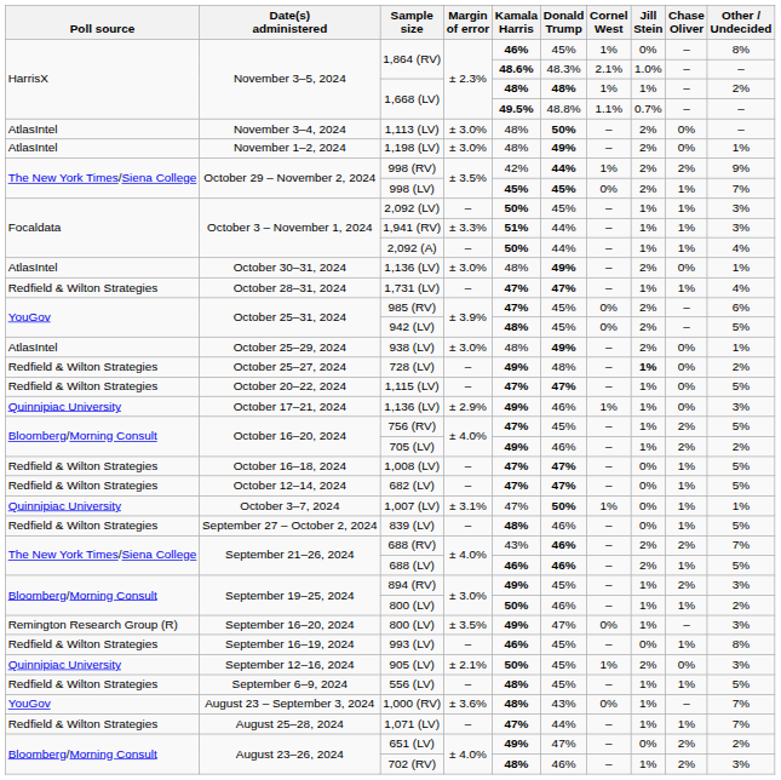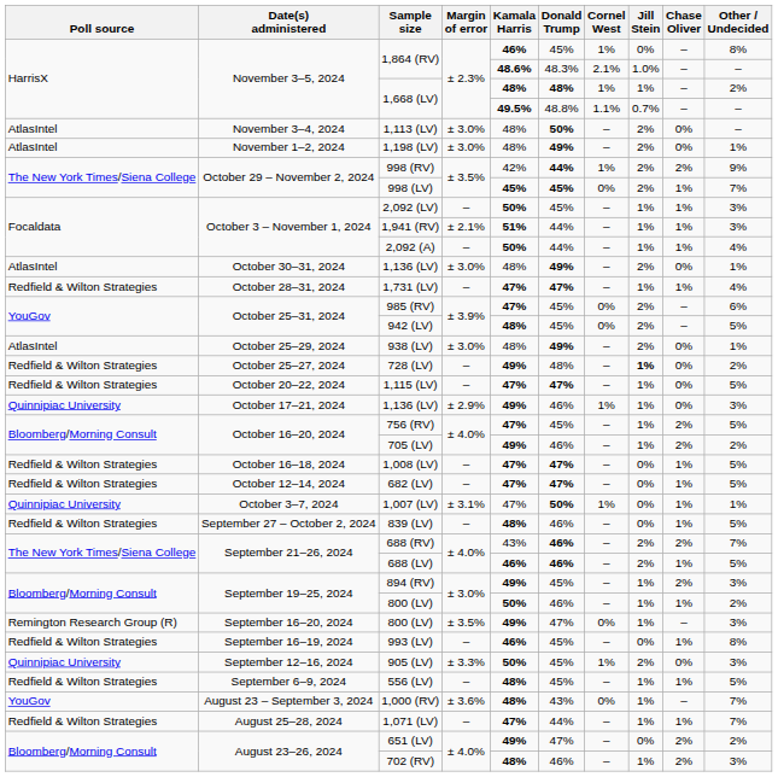 <table class="wikitable sortable mw-datatable" style="font-size:90%;text-align:center;line-height:17px">
 <tr style="vertical-align:bottom">
 <th>Poll source</th>
 <th>Date(s)<br>administered</th>
 <th>Sample<br>size</th>
 <th>Margin<br>of error</th>
 <th class="unsortable">Kamala<br>Harris<br></th>
 <th class="unsortable">Donald<br>Trump<br></th>
 <th class="unsortable">Cornel<br>West<br></th>
 <th class="unsortable">Jill<br>Stein<br></th>
 <th class="unsortable">Chase<br>Oliver<br></th>
 <th class="unsortable">Other /<br>Undecided</th>
 </tr>
 <tr>
 <td style="text-align:left;" rowspan="4">HarrisX</td>
 <td rowspan="4">November 3–5, 2024</td>
 <td rowspan="2">1,864 (RV)</td>
 <td rowspan="4">± 2.3%</td>
 <td style="color:black;background-color:"><strong>46%</strong></td>
 <td>45%</td>
 <td>1%</td>
 <td>0%</td>
 <td>–</td>
 <td>8%</td>
 </tr>
 <tr>
 <td style="color:black;background-color:"><strong>48.6%</strong></td>
 <td>48.3%</td>
 <td>2.1%</td>
 <td>1.0%</td>
 <td>–</td>
 <td>–</td>
 </tr>
 <tr>
 <td rowspan="2">1,668 (LV)</td>
 <td><strong>48%</strong></td>
 <td><strong>48%</strong></td>
 <td>1%</td>
 <td>1%</td>
 <td>–</td>
 <td>2%</td>
 </tr>
 <tr>
 <td style="color:black;background-color:"><strong>49.5%</strong></td>
 <td>48.8%</td>
 <td>1.1%</td>
 <td>0.7%</td>
 <td>–</td>
 <td>–</td>
 </tr>
 <tr>
 <td style="text-align:left;">AtlasIntel</td>
 <td data-sort-value="2024-11-04">November 3–4, 2024</td>
 <td>1,113 (LV)</td>
 <td>± 3.0%</td>
 <td>48%</td>
 <td style="background-color:"><strong>50%</strong></td>
 <td>–</td>
 <td>2%</td>
 <td>0%</td>
 <td>–</td>
 </tr>
 <tr>
 <td style="text-align:left;">AtlasIntel</td>
 <td data-sort-value="2024-11-02">November 1–2, 2024</td>
 <td>1,198 (LV)</td>
 <td>± 3.0%</td>
 <td>48%</td>
 <td style="background-color:"><strong>49%</strong></td>
 <td>–</td>
 <td>2%</td>
 <td>0%</td>
 <td>1%</td>
 </tr>
 <tr>
 <td style="text-align:left;" rowspan="2"><a href='#'>The New York Times</a>/<a href='#'>Siena College</a></td>
 <td rowspan="2">October 29 – November 2, 2024</td>
 <td>998 (RV)</td>
 <td rowspan="2">± 3.5%</td>
 <td>42%</td>
 <td style="background-color:"><strong>44%</strong></td>
 <td>1%</td>
 <td>2%</td>
 <td>2%</td>
 <td>9%</td>
 </tr>
 <tr>
 <td>998 (LV)</td>
 <td><strong>45%</strong></td>
 <td><strong>45%</strong></td>
 <td>0%</td>
 <td>2%</td>
 <td>1%</td>
 <td>7%</td>
 </tr>
 <tr>
 <td style="text-align:left;" rowspan="3">Focaldata</td>
 <td rowspan="3">October 3 – November 1, 2024</td>
 <td>2,092 (LV)</td>
 <td>–</td>
 <td style="background-color:"><strong>50%</strong></td>
 <td>45%</td>
 <td>–</td>
 <td>1%</td>
 <td>1%</td>
 <td>3%</td>
 </tr>
 <tr>
 <td>1,941 (RV)</td>
-<td>± 3.3%</td>
+<td>± 2.1%</td>
 <td style="background-color:"><strong>51%</strong></td>
 <td>44%</td>
 <td>–</td>
 <td>1%</td>
 <td>1%</td>
 <td>3%</td>
 </tr>
 <tr>
 <td>2,092 (A)</td>
 <td>–</td>
 <td style="background-color:"><strong>50%</strong></td>
 <td>44%</td>
 <td>–</td>
 <td>1%</td>
 <td>1%</td>
 <td>4%</td>
 </tr>
 <tr>
 <td style="text-align:left;">AtlasIntel</td>
 <td data-sort-value="2024-10-29">October 30–31, 2024</td>
 <td>1,136 (LV)</td>
 <td>± 3.0%</td>
 <td>48%</td>
 <td style="background-color:"><strong>49%</strong></td>
 <td>–</td>
 <td>2%</td>
 <td>0%</td>
 <td>1%</td>
 </tr>
 <tr>
 <td style="text-align:left;">Redfield & Wilton Strategies</td>
 <td data-sort-value="2024-10-31">October 28–31, 2024</td>
 <td>1,731 (LV)</td>
 <td>–</td>
 <td><strong>47%</strong></td>
 <td><strong>47%</strong></td>
 <td>–</td>
 <td>1%</td>
 <td>1%</td>
 <td>4%</td>
 </tr>
 <tr>
 <td style="text-align:left;" rowspan="2"><a href='#'>YouGov</a></td>
 <td rowspan="2">October 25–31, 2024</td>
 <td>985 (RV)</td>
 <td rowspan="2">± 3.9%</td>
 <td style="color:black;background-color:"><strong>47%</strong></td>
 <td>45%</td>
 <td>0%</td>
 <td>2%</td>
 <td>–</td>
 <td>6%</td>
 </tr>
 <tr>
 <td>942 (LV)</td>
 <td style="color:black;background-color:"><strong>48%</strong></td>
 <td>45%</td>
 <td>0%</td>
 <td>2%</td>
 <td>–</td>
 <td>5%</td>
 </tr>
 <tr>
 <td style="text-align:left;">AtlasIntel</td>
 <td data-sort-value="2024-10-29">October 25–29, 2024</td>
 <td>938 (LV)</td>
 <td>± 3.0%</td>
 <td>48%</td>
 <td style="background-color:"><strong>49%</strong></td>
 <td>–</td>
 <td>2%</td>
 <td>0%</td>
 <td>1%</td>
 </tr>
 <tr>
 <td style="text-align:left;">Redfield & Wilton Strategies</td>
 <td data-sort-value="2024-10-22">October 25–27, 2024</td>
 <td>728 (LV)</td>
 <td>–</td>
 <td style="color:black;background-color:"><strong>49%</strong></td>
 <td>48%</td>
 <td>–</td>
 <td><strong>1%</strong></td>
 <td>0%</td>
 <td>2%</td>
 </tr>
 <tr>
 <td style="text-align:left;">Redfield & Wilton Strategies</td>
 <td data-sort-value="2024-10-22">October 20–22, 2024</td>
 <td>1,115 (LV)</td>
 <td>–</td>
 <td><strong>47%</strong></td>
 <td><strong>47%</strong></td>
 <td>–</td>
 <td>1%</td>
 <td>0%</td>
 <td>5%</td>
 </tr>
 <tr>
 <td style="text-align:left;"><a href='#'>Quinnipiac University</a></td>
 <td data-sort-value="2024-10-21">October 17–21, 2024</td>
 <td>1,136 (LV)</td>
 <td>± 2.9%</td>
 <td style="color:black;background-color:"><strong>49%</strong></td>
 <td>46%</td>
 <td>1%</td>
 <td>1%</td>
 <td>0%</td>
 <td>3%</td>
 </tr>
 <tr>
 <td rowspan="2" style="text-align:left;"><a href='#'>Bloomberg</a>/<a href='#'>Morning Consult</a></td>
 <td rowspan="2">October 16–20, 2024</td>
 <td>756 (RV)</td>
 <td rowspan="2">± 4.0%</td>
 <td style="color:black;background-color:"><strong>47%</strong></td>
 <td>45%</td>
 <td>–</td>
 <td>1%</td>
 <td>2%</td>
 <td>5%</td>
 </tr>
 <tr>
 <td>705 (LV)</td>
 <td style="color:black;background-color:"><strong>49%</strong></td>
 <td>46%</td>
 <td>–</td>
 <td>1%</td>
 <td>2%</td>
 <td>2%</td>
 </tr>
 <tr>
 <td style="text-align:left;">Redfield & Wilton Strategies</td>
 <td data-sort-value="2024-10-18">October 16–18, 2024</td>
 <td>1,008 (LV)</td>
 <td>–</td>
 <td><strong>47%</strong></td>
 <td><strong>47%</strong></td>
 <td>–</td>
 <td>0%</td>
 <td>1%</td>
 <td>5%</td>
 </tr>
 <tr>
 <td style="text-align:left;">Redfield & Wilton Strategies</td>
 <td data-sort-value="2024-10-14">October 12–14, 2024</td>
 <td>682 (LV)</td>
 <td>–</td>
 <td><strong>47%</strong></td>
 <td><strong>47%</strong></td>
 <td>–</td>
 <td>0%</td>
 <td>1%</td>
 <td>5%</td>
 </tr>
 <tr>
 <td style="text-align:left;"><a href='#'>Quinnipiac University</a></td>
 <td data-sort-value="2024-10-07">October 3–7, 2024</td>
 <td>1,007 (LV)</td>
 <td>± 3.1%</td>
 <td>47%</td>
 <td style="background-color:"><strong>50%</strong></td>
 <td>1%</td>
 <td>0%</td>
 <td>1%</td>
 <td>1%</td>
 </tr>
 <tr>
 <td style="text-align:left;">Redfield & Wilton Strategies</td>
 <td data-sort-value="2024-10-02">September 27 – October 2, 2024</td>
 <td>839 (LV)</td>
 <td>–</td>
 <td style="color:black;background-color:"><strong>48%</strong></td>
 <td>46%</td>
 <td>–</td>
 <td>0%</td>
 <td>1%</td>
 <td>5%</td>
 </tr>
 <tr>
 <td style="text-align:left;" rowspan="2"><a href='#'>The New York Times</a>/<a href='#'>Siena College</a></td>
 <td rowspan="2">September 21–26, 2024</td>
 <td>688 (RV)</td>
 <td rowspan="2">± 4.0%</td>
 <td>43%</td>
 <td style="background-color:"><strong>46%</strong></td>
 <td>–</td>
 <td>2%</td>
 <td>2%</td>
 <td>7%</td>
 </tr>
 <tr>
 <td>688 (LV)</td>
 <td><strong>46%</strong></td>
 <td><strong>46%</strong></td>
 <td>–</td>
 <td>2%</td>
 <td>1%</td>
 <td>5%</td>
 </tr>
 <tr>
 <td rowspan="2" style="text-align:left;"><a href='#'>Bloomberg</a>/<a href='#'>Morning Consult</a></td>
 <td rowspan="2">September 19–25, 2024</td>
 <td>894 (RV)</td>
 <td rowspan="2">± 3.0%</td>
 <td style="color:black;background-color:"><strong>49%</strong></td>
 <td>45%</td>
 <td>–</td>
 <td>1%</td>
 <td>2%</td>
 <td>3%</td>
 </tr>
 <tr>
 <td>800 (LV)</td>
 <td style="color:black;background-color:"><strong>50%</strong></td>
 <td>46%</td>
 <td>–</td>
 <td>1%</td>
 <td>1%</td>
 <td>2%</td>
 </tr>
 <tr>
 <td style="text-align:left;">Remington Research Group (R)</td>
 <td data-sort-value="2024-09-20">September 16–20, 2024</td>
 <td>800 (LV)</td>
 <td>± 3.5%</td>
 <td style="color:black;background-color:"><strong>49%</strong></td>
 <td>47%</td>
 <td>0%</td>
 <td>1%</td>
 <td>–</td>
 <td>3%</td>
 </tr>
 <tr>
 <td style="text-align:left;">Redfield & Wilton Strategies</td>
 <td data-sort-value="2024-09-19">September 16–19, 2024</td>
 <td>993 (LV)</td>
 <td>–</td>
 <td style="color:black;background-color:"><strong>46%</strong></td>
 <td>45%</td>
 <td>–</td>
 <td>0%</td>
 <td>1%</td>
 <td>8%</td>
 </tr>
 <tr>
 <td style="text-align:left;"><a href='#'>Quinnipiac University</a></td>
 <td data-sort-value="2024-09-16">September 12–16, 2024</td>
 <td>905 (LV)</td>
-<td>± 2.1%</td>
+<td>± 3.3%</td>
 <td style="color:black;background-color:"><strong>50%</strong></td>
 <td>45%</td>
 <td>1%</td>
 <td>2%</td>
 <td>0%</td>
 <td>3%</td>
 </tr>
 <tr>
 <td style="text-align:left;">Redfield & Wilton Strategies</td>
 <td data-sort-value="2024-09-6">September 6–9, 2024</td>
 <td>556 (LV)</td>
 <td>–</td>
 <td style="color:black;background-color:"><strong>48%</strong></td>
 <td>45%</td>
 <td>–</td>
 <td>1%</td>
 <td>1%</td>
 <td>5%</td>
 </tr>
 <tr>
 <td style="text-align:left;"><a href='#'>YouGov</a></td>
 <td data-sort-value="2024-09-03">August 23 – September 3, 2024</td>
 <td>1,000 (RV)</td>
 <td>± 3.6%</td>
 <td style="color:black;background-color:"><strong>48%</strong></td>
 <td>43%</td>
 <td>0%</td>
 <td>1%</td>
 <td>–</td>
 <td>7%</td>
 </tr>
 <tr>
 <td style="text-align:left;">Redfield & Wilton Strategies</td>
 <td data-sort-value="2024-08-28">August 25–28, 2024</td>
 <td>1,071 (LV)</td>
 <td>–</td>
 <td style="color:black;background-color:"><strong>47%</strong></td>
 <td>44%</td>
 <td>–</td>
 <td>1%</td>
 <td>1%</td>
 <td>7%</td>
 </tr>
 <tr>
 <td rowspan="2" style="text-align:left;"><a href='#'>Bloomberg</a>/<a href='#'>Morning Consult</a></td>
 <td rowspan="2">August 23–26, 2024</td>
 <td>651 (LV)</td>
 <td rowspan="2">± 4.0%</td>
 <td style="color:black;background-color:"><strong>49%</strong></td>
 <td>47%</td>
 <td>–</td>
 <td>0%</td>
 <td>2%</td>
 <td>2%</td>
 </tr>
 <tr>
 <td>702 (RV)</td>
 <td style="color:black;background-color:"><strong>48%</strong></td>
 <td>46%</td>
 <td>–</td>
 <td>1%</td>
 <td>2%</td>
 <td>3%</td>
 </tr>
 </table>
